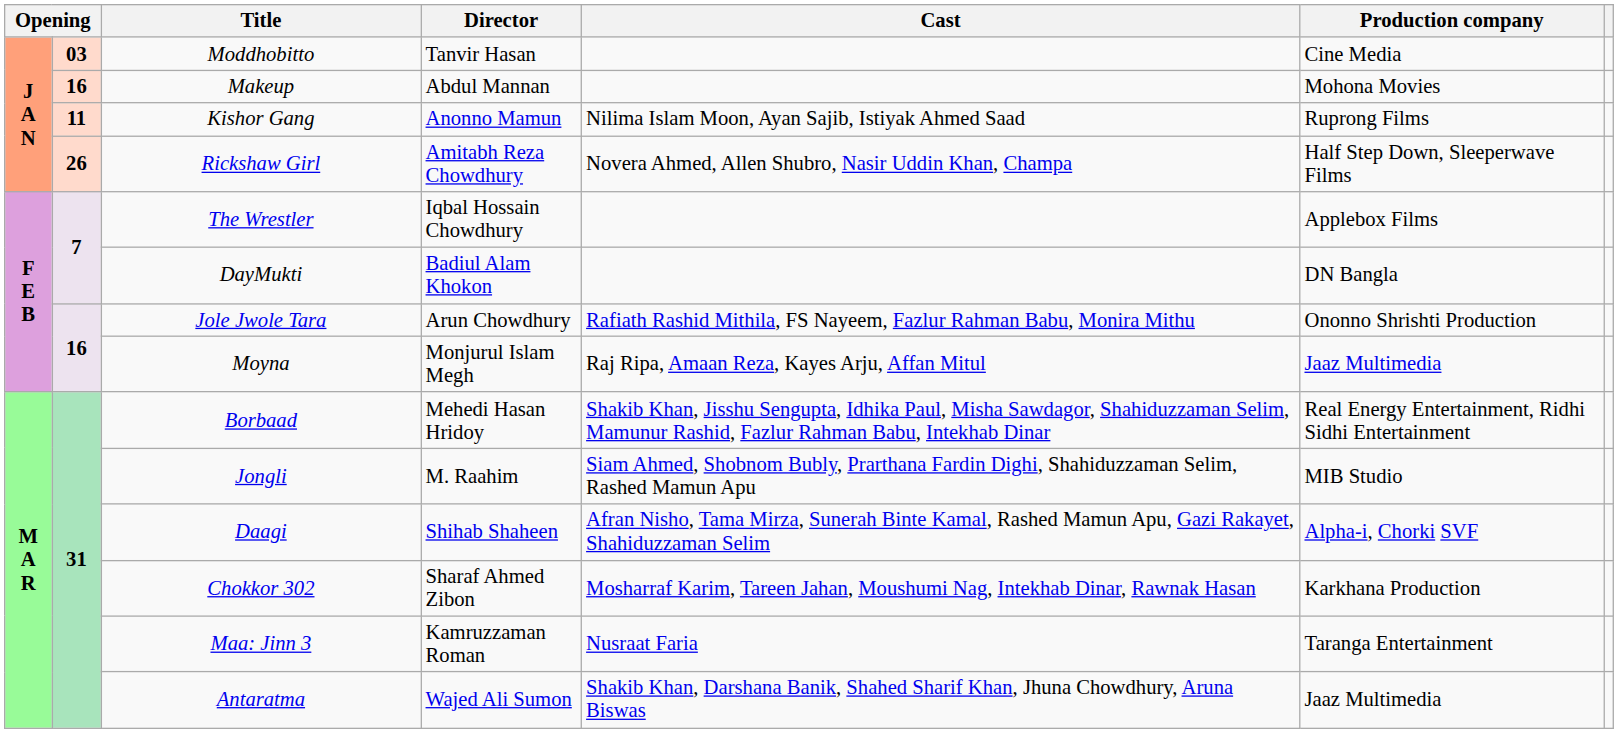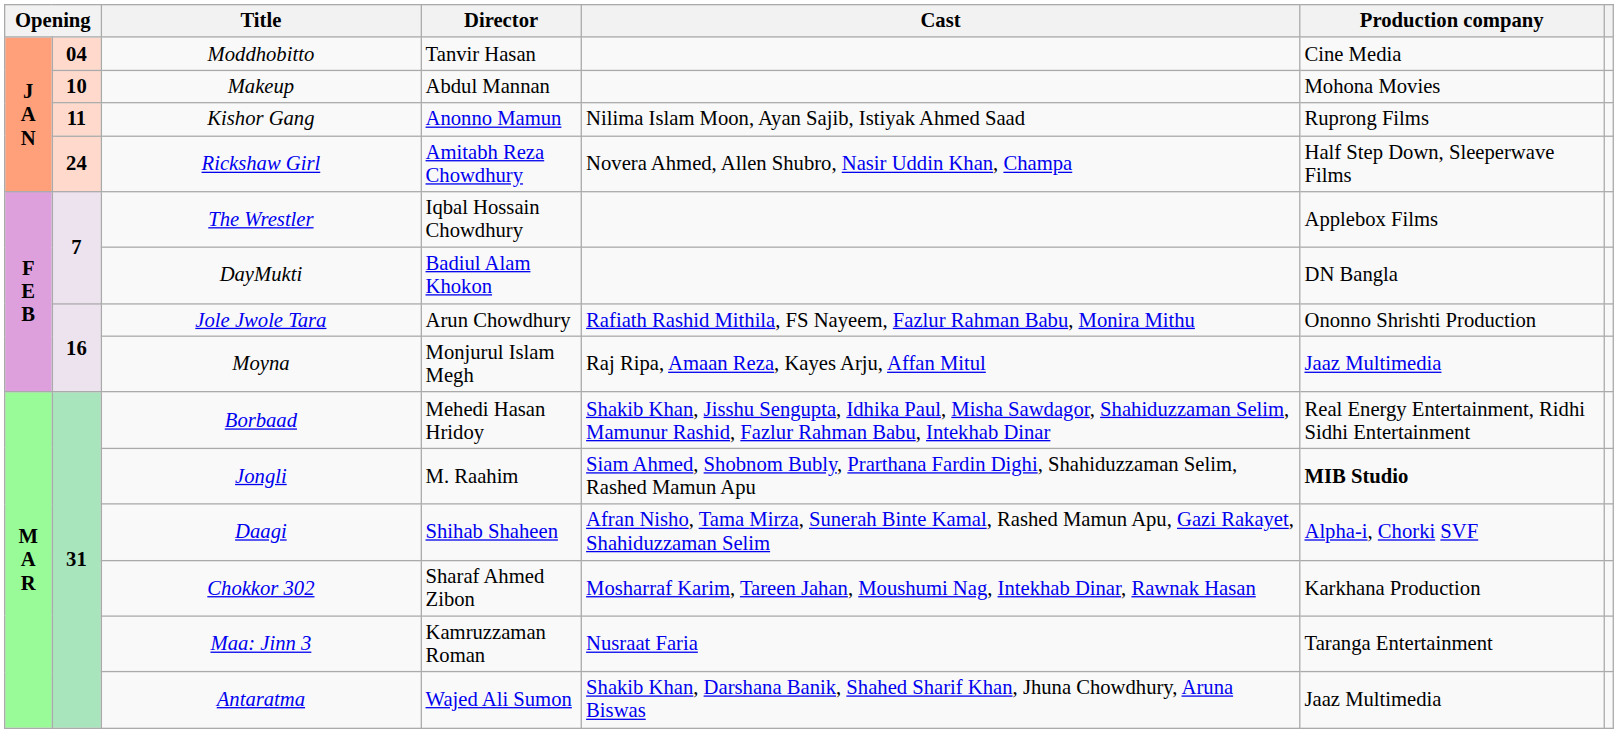 <table class="wikitable sortable">
 <tr>
 <th colspan="2" style="width:6%;"><strong>Opening</strong></th>
 <th style="width:20%;"><strong>Title</strong></th>
 <th style="width:10%;"><strong>Director</strong></th>
 <th style="width:45%;"><strong>Cast</strong></th>
 <th style="width:30%;"><strong>Production company</strong></th>
 <th class="unsortable" style="width:1%;"></th>
 </tr>
 <tr>
 <td rowspan="4" style="text-align:center;background:#ffa07a;textcolor:#000;"><strong>J</strong><br><strong>A</strong><br><strong>N</strong></td>
-<td style="text-align:center;background:#ffdacc;"><strong>03</strong></td>
+<td style="text-align:center;background:#ffdacc;"><strong>04</strong></td>
 <td style="text-align:center;"><em>Moddhobitto</em></td>
 <td>Tanvir Hasan</td>
 <td></td>
 <td>Cine Media</td>
 <td></td>
 </tr>
 <tr>
-<td style="text-align:center;background:#ffdacc;"><strong>16</strong></td>
+<td style="text-align:center;background:#ffdacc;"><strong>10</strong></td>
 <td style="text-align:center;"><em>Makeup</em></td>
 <td>Abdul Mannan</td>
 <td></td>
 <td>Mohona Movies</td>
 <td></td>
 </tr>
 <tr>
 <td style="text-align:center;background:#ffdacc;"><strong>11</strong></td>
 <td style="text-align:center;"><em>Kishor Gang</em></td>
 <td><a href='#'>Anonno Mamun</a></td>
 <td>Nilima Islam Moon, Ayan Sajib, Istiyak Ahmed Saad</td>
 <td>Ruprong Films</td>
 <td></td>
 </tr>
 <tr>
-<td style="text-align:center;background:#ffdacc;"><strong>26</strong></td>
+<td style="text-align:center;background:#ffdacc;"><strong>24</strong></td>
 <td style="text-align:center;"><em><a href='#'>Rickshaw Girl</a></em></td>
 <td><a href='#'>Amitabh Reza Chowdhury</a></td>
 <td>Novera Ahmed, Allen Shubro, <a href='#'>Nasir Uddin Khan</a>, <a href='#'>Champa</a></td>
 <td>Half Step Down, Sleeperwave Films</td>
 <td></td>
 </tr>
 <tr>
 <td rowspan="4" style="text-align:center; background:plum; textcolor:#000;"><strong>F</strong> <br><strong>E</strong><br><strong>B</strong></td>
 <td rowspan="2" style="text-align:center; background:#ede3ef;"><strong>7</strong></td>
 <td style="text-align:center;"><em><a href='#'>The Wrestler</a></em></td>
 <td>Iqbal Hossain Chowdhury</td>
 <td></td>
 <td>Applebox Films</td>
 <td></td>
 </tr>
 <tr>
 <td style="text-align:center;"><em>DayMukti</em></td>
 <td><a href='#'>Badiul Alam Khokon</a></td>
 <td></td>
 <td>DN Bangla</td>
 <td></td>
 </tr>
 <tr>
 <td rowspan="2" style="text-align:center; background:#ede3ef;"><strong>16</strong></td>
 <td style="text-align:center;"><em><a href='#'>Jole Jwole Tara</a></em></td>
 <td>Arun Chowdhury</td>
 <td><a href='#'>Rafiath Rashid Mithila</a>, FS Nayeem, <a href='#'>Fazlur Rahman Babu</a>, <a href='#'>Monira Mithu</a></td>
 <td>Ononno Shrishti Production</td>
 <td></td>
 </tr>
 <tr>
 <td style="text-align:center;"><em>Moyna</em></td>
 <td>Monjurul Islam Megh</td>
 <td>Raj Ripa, <a href='#'>Amaan Reza</a>, Kayes Arju, <a href='#'>Affan Mitul</a></td>
 <td><a href='#'>Jaaz Multimedia</a></td>
 <td></td>
 </tr>
 <tr>
 <td rowspan="6" style="text-align:center; background:#98fb98; textcolor:#000;"><strong>M<br>A<br>R</strong></td>
 <td rowspan="6" style="text-align:center; background:#a8e4bc;"><strong>31</strong></td>
 <td style="text-align:center;"><a href='#'><em>Borbaad</em></a></td>
 <td>Mehedi Hasan Hridoy</td>
 <td><a href='#'>Shakib Khan</a>, <a href='#'>Jisshu Sengupta</a>, <a href='#'>Idhika Paul</a>, <a href='#'>Misha Sawdagor</a>, <a href='#'>Shahiduzzaman Selim</a>, <a href='#'>Mamunur Rashid</a>, <a href='#'>Fazlur Rahman Babu</a>, <a href='#'>Intekhab Dinar</a></td>
 <td>Real Energy Entertainment, Ridhi Sidhi Entertainment</td>
 <td></td>
 </tr>
 <tr>
 <td style="text-align:center;"><em><a href='#'>Jongli</a></em></td>
 <td>M. Raahim</td>
 <td><a href='#'>Siam Ahmed</a>, <a href='#'>Shobnom Bubly</a>, <a href='#'>Prarthana Fardin Dighi</a>, Shahiduzzaman Selim, Rashed Mamun Apu</td>
-<td>MIB Studio</td>
+<td><strong>MIB Studio</strong></td>
 <td></td>
 </tr>
 <tr>
 <td style="text-align:center;"><em><a href='#'>Daagi</a></em></td>
 <td><a href='#'>Shihab Shaheen</a></td>
 <td><a href='#'>Afran Nisho</a>, <a href='#'>Tama Mirza</a>, <a href='#'>Sunerah Binte Kamal</a>, Rashed Mamun Apu, <a href='#'>Gazi Rakayet</a>, <a href='#'>Shahiduzzaman Selim</a></td>
 <td><a href='#'>Alpha-i</a>, <a href='#'>Chorki</a> <a href='#'>SVF</a></td>
 <td></td>
 </tr>
 <tr>
 <td style="text-align:center;"><em><a href='#'>Chokkor 302</a></em></td>
 <td>Sharaf Ahmed Zibon</td>
 <td><a href='#'>Mosharraf Karim</a>, <a href='#'>Tareen Jahan</a>, <a href='#'>Moushumi Nag</a>, <a href='#'>Intekhab Dinar</a>, <a href='#'>Rawnak Hasan</a></td>
 <td>Karkhana Production</td>
 <td></td>
 </tr>
 <tr>
 <td style="text-align:center;"><em><a href='#'>Maa: Jinn 3</a></em></td>
 <td>Kamruzzaman Roman</td>
 <td><a href='#'>Nusraat Faria</a></td>
 <td>Taranga Entertainment</td>
 <td></td>
 </tr>
 <tr>
 <td style="text-align:center;"><em><a href='#'>Antaratma</a></em></td>
 <td><a href='#'>Wajed Ali Sumon</a></td>
 <td><a href='#'>Shakib Khan</a>, <a href='#'>Darshana Banik</a>, <a href='#'>Shahed Sharif Khan</a>, Jhuna Chowdhury, <a href='#'>Aruna Biswas</a></td>
 <td>Jaaz Multimedia</td>
 <td></td>
 </tr>
 </table>
